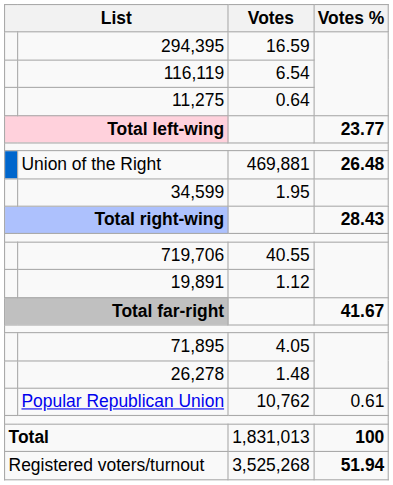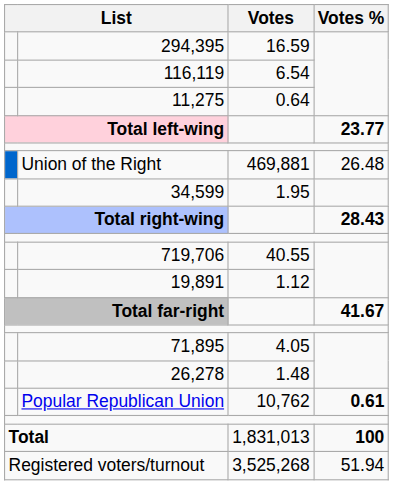 <table class=wikitable style=text-align:right>
 <tr>
 <th colspan=2>List</th>
 <th>Votes</th>
 <th>Votes %</th>
 </tr>
 <tr>
 <td></td>
 <td>294,395</td>
 <td>16.59</td>
 </tr>
 <tr>
 <td></td>
 <td>116,119</td>
 <td>6.54</td>
 </tr>
 <tr>
 <td></td>
 <td>11,275</td>
 <td>0.64</td>
 </tr>
 <tr>
 <td colspan=2 style="background-color:#ffd1dc"><strong>Total left-wing</strong></td>
 <td style="text-align: right" style="background-color:#ffd1dc"><strong></strong></td>
 <td style="text-align: right" style="background-color:#ffd1dc"><strong>23.77</strong></td>
 </tr>
 <tr>
 <td colspan=7></td>
 </tr>
 <tr>
 <td bgcolor="#0066CC"> </td>
 <td align=left>Union of the Right</td>
 <td>469,881</td>
-<td><strong>26.48</strong></td>
+<td>26.48</td>
 </tr>
 <tr>
 <td></td>
 <td>34,599</td>
 <td>1.95</td>
 </tr>
 <tr>
 <td colspan=2 style="background-color:#ADC1FD"><strong>Total right-wing</strong></td>
 <td style="text-align: right" style="background-color:#ADC1FD"><strong></strong></td>
 <td style="text-align: right" style="background-color:#ADC1FD"><strong>28.43</strong></td>
 </tr>
 <tr>
 <td colspan=7></td>
 </tr>
 <tr>
 <td></td>
 <td>719,706</td>
 <td>40.55</td>
 </tr>
 <tr>
 <td></td>
 <td>19,891</td>
 <td>1.12</td>
 </tr>
 <tr>
 <td colspan=2 style="background-color:#C0C0C0"><strong>Total far-right</strong></td>
 <td style="text-align: right" style="background-color:#C0C0C0"><strong></strong></td>
 <td style="text-align: right" style="background-color:#C0C0C0"><strong>41.67</strong></td>
 </tr>
 <tr>
 <td colspan=7></td>
 </tr>
 <tr>
 <td></td>
 <td>71,895</td>
 <td>4.05</td>
 </tr>
 <tr>
 <td></td>
 <td>26,278</td>
 <td>1.48</td>
 </tr>
 <tr>
 <td></td>
 <td align=left><a href='#'>Popular Republican Union</a></td>
 <td>10,762</td>
-<td>0.61</td>
+<td><strong>0.61</strong></td>
 </tr>
 <tr>
 <td colspan=4></td>
 </tr>
 <tr>
 <td colspan=2 align=left><strong>Total</strong></td>
 <td>1,831,013</td>
 <td><strong>100</strong></td>
 </tr>
 <tr>
 <td colspan=2 align=left>Registered voters/turnout</td>
 <td>3,525,268</td>
-<td><strong>51.94</strong></td>
+<td>51.94</td>
 </tr>
 </table>
